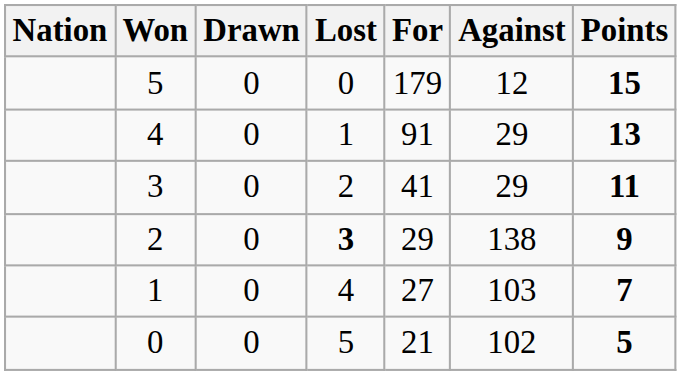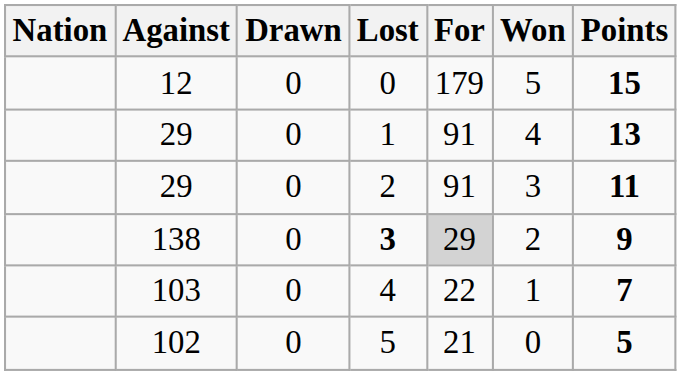 <table class="wikitable" style="text-align: center;">
 <tr>
 <th>Nation</th>
-<th>Won</th>
+<th>Against</th>
 <th>Drawn</th>
 <th>Lost</th>
 <th>For</th>
-<th>Against</th>
+<th>Won</th>
 <th>Points</th>
 </tr>
 <tr>
 <td align="left"></td>
-<td>5</td>
+<td>12</td>
 <td>0</td>
 <td>0</td>
 <td>179</td>
-<td>12</td>
+<td>5</td>
 <td><strong>15</strong></td>
 </tr>
 <tr>
 <td align="left"></td>
-<td>4</td>
+<td>29</td>
 <td>0</td>
 <td>1</td>
 <td>91</td>
-<td>29</td>
+<td>4</td>
 <td><strong>13</strong></td>
 </tr>
 <tr>
 <td align="left"></td>
-<td>3</td>
+<td>29</td>
 <td>0</td>
 <td>2</td>
-<td>41</td>
-<td>29</td>
+<td>91</td>
+<td>3</td>
 <td><strong>11</strong></td>
 </tr>
 <tr>
 <td align="left"></td>
-<td>2</td>
+<td>138</td>
 <td>0</td>
 <td><strong>3</strong></td>
-<td>29</td>
-<td>138</td>
+<td style="background: lightgrey;">29</td>
+<td>2</td>
 <td><strong>9</strong></td>
 </tr>
 <tr>
 <td align="left"></td>
-<td>1</td>
+<td>103</td>
 <td>0</td>
 <td>4</td>
-<td>27</td>
-<td>103</td>
+<td>22</td>
+<td>1</td>
 <td><strong>7</strong></td>
 </tr>
 <tr>
 <td align="left"></td>
-<td>0</td>
+<td>102</td>
 <td>0</td>
 <td>5</td>
 <td>21</td>
-<td>102</td>
+<td>0</td>
 <td><strong>5</strong></td>
 </tr>
 </table>
